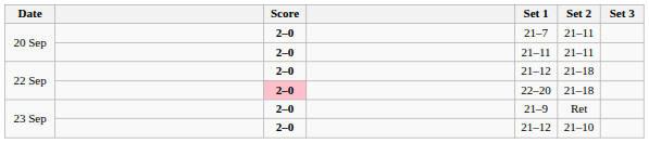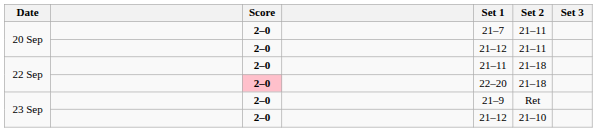 <table class="wikitable" style="text-align: center;">
 <tr>
 <th width="60">Date</th>
 <th align="right" width="270"></th>
 <th width="50">Score</th>
 <th align="left" width="270"></th>
 <th width="50">Set 1</th>
 <th width="50">Set 2</th>
 <th width="50">Set 3</th>
 </tr>
 <tr>
 <td rowspan=2>20 Sep</td>
 <td align=left><strong></strong></td>
 <td align=center><strong>2–0</strong></td>
 <td align=left></td>
 <td>21–7</td>
 <td>21–11</td>
 <td></td>
 </tr>
 <tr>
 <td align=left><strong></strong></td>
 <td align=center><strong>2–0</strong></td>
 <td align=left></td>
-<td>21–11</td>
+<td>21–12</td>
 <td>21–11</td>
 <td></td>
 </tr>
 <tr>
 <td rowspan=2>22 Sep</td>
 <td align=left><strong></strong></td>
 <td align=center><strong>2–0</strong></td>
 <td align=left></td>
-<td>21–12</td>
+<td>21–11</td>
 <td>21–18</td>
 <td></td>
 </tr>
 <tr>
 <td align=left><strong></strong></td>
 <td align=center style="background: pink;"><strong>2–0</strong></td>
 <td align=left></td>
 <td>22–20</td>
 <td>21–18</td>
 <td></td>
 </tr>
 <tr>
 <td rowspan=2>23 Sep</td>
 <td align=left><strong></strong></td>
 <td align=center><strong>2–0</strong></td>
 <td align=left></td>
 <td>21–9</td>
 <td>Ret</td>
 <td></td>
 </tr>
 <tr>
 <td align=left><strong></strong></td>
 <td align=center><strong>2–0</strong></td>
 <td align=left></td>
 <td>21–12</td>
 <td>21–10</td>
 <td></td>
 </tr>
 </table>
